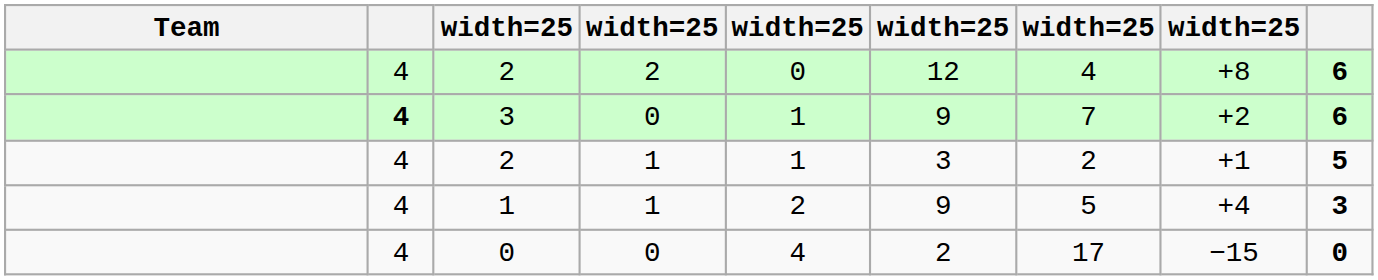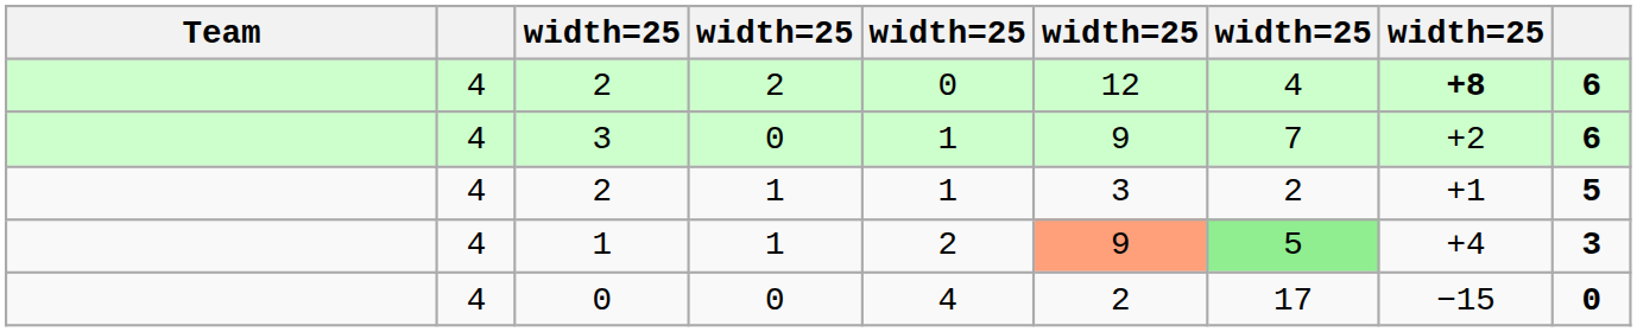 <table class="wikitable" style="text-align: center;">
 <tr>
 <th style="width:165px;">Team</th>
 <th width=25></th>
 <th>width=25</th>
 <th>width=25</th>
 <th>width=25</th>
 <th>width=25</th>
 <th>width=25</th>
 <th>width=25</th>
 <th width=25></th>
 </tr>
 <tr style="background:#cfc;">
 <td align="left"></td>
 <td>4</td>
 <td>2</td>
 <td>2</td>
 <td>0</td>
 <td>12</td>
 <td>4</td>
-<td>+8</td>
+<td><strong>+8</strong></td>
 <td><strong>6</strong></td>
 </tr>
 <tr style="background:#cfc;">
 <td align="left"></td>
-<td><strong>4</strong></td>
+<td>4</td>
 <td>3</td>
 <td>0</td>
 <td>1</td>
 <td>9</td>
 <td>7</td>
 <td>+2</td>
 <td><strong>6</strong></td>
 </tr>
 <tr>
 <td align="left"></td>
 <td>4</td>
 <td>2</td>
 <td>1</td>
 <td>1</td>
 <td>3</td>
 <td>2</td>
 <td>+1</td>
 <td><strong>5</strong></td>
 </tr>
 <tr>
 <td align="left"></td>
 <td>4</td>
 <td>1</td>
 <td>1</td>
 <td>2</td>
-<td>9</td>
-<td>5</td>
+<td style="background: lightsalmon;">9</td>
+<td style="background: lightgreen;">5</td>
 <td>+4</td>
 <td><strong>3</strong></td>
 </tr>
 <tr>
 <td align="left"></td>
 <td>4</td>
 <td>0</td>
 <td>0</td>
 <td>4</td>
 <td>2</td>
 <td>17</td>
 <td>−15</td>
 <td><strong>0</strong></td>
 </tr>
 </table>
